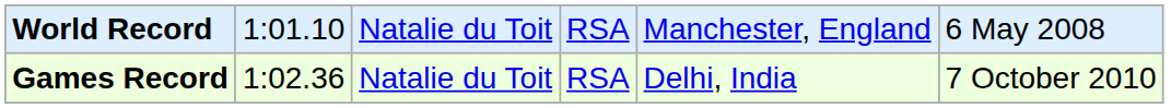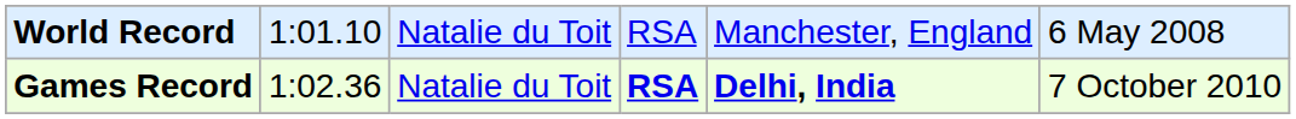 <table class="wikitable">
 <tr bgcolor = "ddeeff">
 <td><strong>World Record</strong></td>
 <td>1:01.10</td>
 <td><a href='#'>Natalie du Toit</a></td>
 <td><a href='#'>RSA</a></td>
 <td><a href='#'>Manchester</a>, <a href='#'>England</a></td>
 <td>6 May 2008</td>
 </tr>
 <tr bgcolor = "eeffdd">
 <td><strong>Games Record</strong></td>
 <td>1:02.36</td>
 <td><a href='#'>Natalie du Toit</a></td>
-<td><a href='#'>RSA</a></td>
-<td><a href='#'>Delhi</a>, <a href='#'>India</a></td>
+<td><strong><a href='#'>RSA</a></strong></td>
+<td><strong><a href='#'>Delhi</a>, <a href='#'>India</a></strong></td>
 <td>7 October 2010</td>
 </tr>
 </table>
